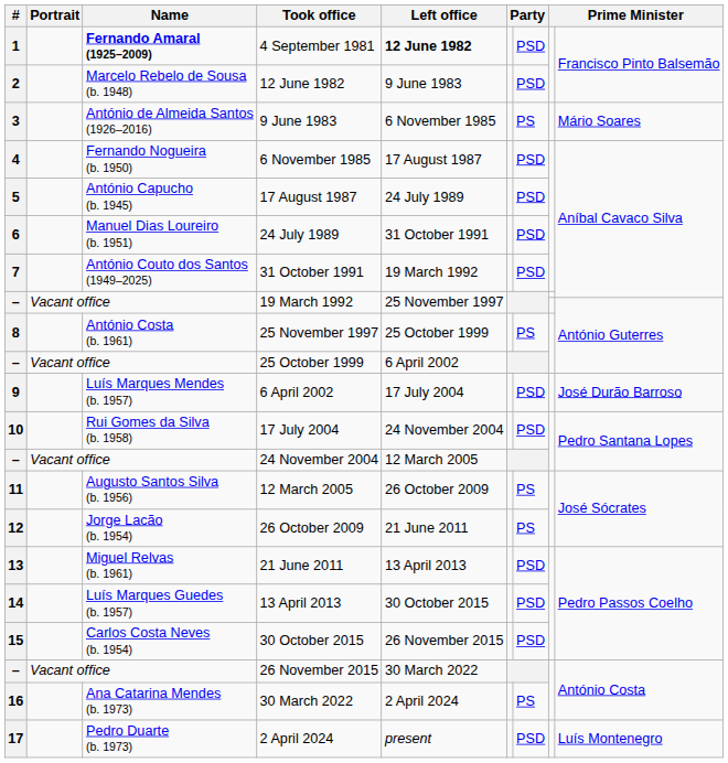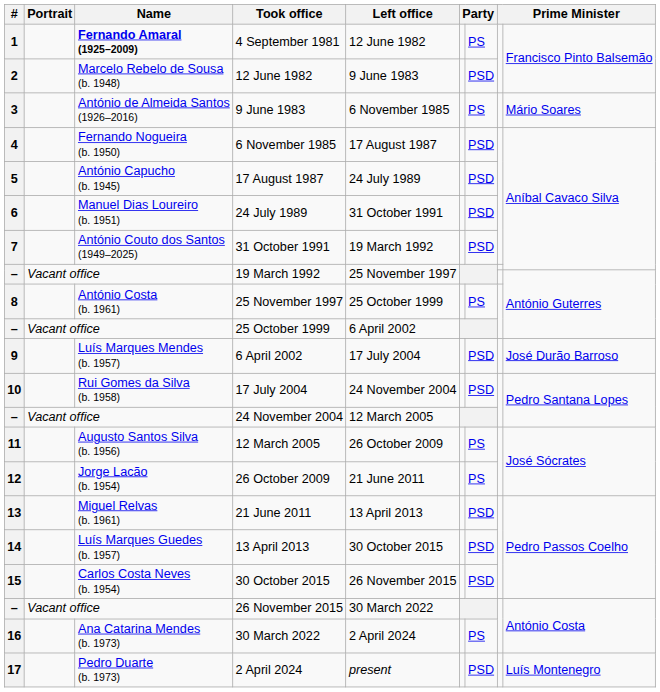 <table class="wikitable">
 <tr>
 <th>#</th>
 <th>Portrait</th>
 <th>Name</th>
 <th>Took office</th>
 <th>Left office</th>
 <th colspan="2">Party</th>
 <th colspan="2">Prime Minister</th>
 </tr>
 <tr>
 <th>1</th>
 <td></td>
 <td><strong><a href='#'>Fernando Amaral</a><br><small>(1925–2009)</small></strong></td>
 <td>4 September 1981</td>
-<td><strong>12 June 1982</strong></td>
+<td>12 June 1982</td>
 <td style="background-color: "></td>
-<td><a href='#'>PSD</a></td>
+<td><a href='#'>PS</a></td>
 <td rowspan="2" style="background-color: "></td>
 <td rowspan="2"><a href='#'>Francisco Pinto Balsemão</a></td>
 </tr>
 <tr>
 <th>2</th>
 <td></td>
 <td><a href='#'>Marcelo Rebelo de Sousa</a><br><small>(b. 1948)</small></td>
 <td>12 June 1982</td>
 <td>9 June 1983</td>
 <td style="background-color: "></td>
 <td><a href='#'>PSD</a></td>
 </tr>
 <tr>
 <th>3</th>
 <td></td>
 <td><a href='#'>António de Almeida Santos</a><br><small>(1926–2016)</small></td>
 <td>9 June 1983</td>
 <td>6 November 1985</td>
 <td style="background-color: "></td>
 <td><a href='#'>PS</a></td>
 <td style="background-color: "></td>
 <td><a href='#'>Mário Soares</a></td>
 </tr>
 <tr>
 <th>4</th>
 <td></td>
 <td><a href='#'>Fernando Nogueira</a><br><small>(b. 1950)</small></td>
 <td>6 November 1985</td>
 <td>17 August 1987</td>
 <td style="background-color: "></td>
 <td><a href='#'>PSD</a></td>
 <td rowspan="4" style="background-color: "></td>
 <td rowspan="5"><a href='#'>Aníbal Cavaco Silva</a></td>
 </tr>
 <tr>
 <th>5</th>
 <td></td>
 <td><a href='#'>António Capucho</a><br><small>(b. 1945)</small></td>
 <td>17 August 1987</td>
 <td>24 July 1989</td>
 <td style="background-color: "></td>
 <td><a href='#'>PSD</a></td>
 </tr>
 <tr>
 <th>6</th>
 <td></td>
 <td><a href='#'>Manuel Dias Loureiro</a><br><small>(b. 1951)</small></td>
 <td>24 July 1989</td>
 <td>31 October 1991</td>
 <td style="background-color: "></td>
 <td><a href='#'>PSD</a></td>
 </tr>
 <tr>
 <th>7</th>
 <td></td>
 <td><a href='#'>António Couto dos Santos</a><br><small>(1949–2025)</small></td>
 <td>31 October 1991</td>
 <td>19 March 1992</td>
 <td style="background-color: "></td>
 <td><a href='#'>PSD</a></td>
 </tr>
 <tr>
 <th rowspan="2">–</th>
 <td colspan="2" rowspan="2"><em>Vacant office</em></td>
 <td rowspan="2">19 March 1992</td>
 <td rowspan="2">25 November 1997</td>
 <th colspan="2" rowspan="2"></th>
 <td style="background-color: "></td>
 </tr>
 <tr>
 <td style="background-color: "></td>
 <td rowspan="3"><a href='#'>António Guterres</a></td>
 </tr>
 <tr>
 <th>8</th>
 <td></td>
 <td><a href='#'>António Costa</a><br><small>(b. 1961)</small></td>
 <td>25 November 1997</td>
 <td>25 October 1999</td>
 <td style="background-color: "></td>
 <td><a href='#'>PS</a></td>
 <td rowspan="2" style="background-color: "></td>
 </tr>
 <tr>
 <th>–</th>
 <td colspan="2"><em>Vacant office</em></td>
 <td>25 October 1999</td>
 <td>6 April 2002</td>
 <th colspan="2"></th>
 </tr>
 <tr>
 <th>9</th>
 <td></td>
 <td><a href='#'>Luís Marques Mendes</a><br><small>(b. 1957)</small></td>
 <td>6 April 2002</td>
 <td>17 July 2004</td>
 <td style="background-color: "></td>
 <td><a href='#'>PSD</a></td>
 <td style="background-color: "></td>
 <td><a href='#'>José Durão Barroso</a></td>
 </tr>
 <tr>
 <th>10</th>
 <td></td>
 <td><a href='#'>Rui Gomes da Silva</a><br><small>(b. 1958)</small></td>
 <td>17 July 2004</td>
 <td>24 November 2004</td>
 <td style="background-color: "></td>
 <td><a href='#'>PSD</a></td>
 <td rowspan="2" style="background-color: "></td>
 <td rowspan="2"><a href='#'>Pedro Santana Lopes</a></td>
 </tr>
 <tr>
 <th>–</th>
 <td colspan="2"><em>Vacant office</em></td>
 <td>24 November 2004</td>
 <td>12 March 2005</td>
 <th colspan="2"></th>
 </tr>
 <tr>
 <th>11</th>
 <td></td>
 <td><a href='#'>Augusto Santos Silva</a><br><small>(b. 1956)</small></td>
 <td>12 March 2005</td>
 <td>26 October 2009</td>
 <td style="background-color: "></td>
 <td><a href='#'>PS</a></td>
 <td rowspan="2" style="background-color: "></td>
 <td rowspan="2"><a href='#'>José Sócrates</a></td>
 </tr>
 <tr>
 <th>12</th>
 <td></td>
 <td><a href='#'>Jorge Lacão</a><br><small>(b. 1954)</small></td>
 <td>26 October 2009</td>
 <td>21 June 2011</td>
 <td style="background-color: "></td>
 <td><a href='#'>PS</a></td>
 </tr>
 <tr>
 <th>13</th>
 <td></td>
 <td><a href='#'>Miguel Relvas</a><br><small>(b. 1961)</small></td>
 <td>21 June 2011</td>
 <td>13 April 2013</td>
 <td style="background-color: "></td>
 <td><a href='#'>PSD</a></td>
 <td rowspan="3" style="background-color: "></td>
 <td rowspan="3"><a href='#'>Pedro Passos Coelho</a></td>
 </tr>
 <tr>
 <th>14</th>
 <td></td>
 <td><a href='#'>Luís Marques Guedes</a><br><small>(b. 1957)</small></td>
 <td>13 April 2013</td>
 <td>30 October 2015</td>
 <td style="background-color: "></td>
 <td><a href='#'>PSD</a></td>
 </tr>
 <tr>
 <th>15</th>
 <td></td>
 <td><a href='#'>Carlos Costa Neves</a><br><small>(b. 1954)</small></td>
 <td>30 October 2015</td>
 <td>26 November 2015</td>
 <td style="background-color: "></td>
 <td><a href='#'>PSD</a></td>
 </tr>
 <tr>
 <th>–</th>
 <td colspan="2"><em>Vacant office</em></td>
 <td>26 November 2015</td>
 <td>30 March 2022</td>
 <th colspan="2"></th>
 <td rowspan="2" style="background-color: "></td>
 <td rowspan="2"><a href='#'>António Costa</a></td>
 </tr>
 <tr>
 <th>16</th>
 <td></td>
 <td><a href='#'>Ana Catarina Mendes</a><br><small>(b. 1973)</small></td>
 <td>30 March 2022</td>
 <td>2 April 2024</td>
 <td style="background-color: "></td>
 <td><a href='#'>PS</a></td>
 </tr>
 <tr>
 <th>17</th>
 <td></td>
 <td><a href='#'>Pedro Duarte</a><br><small>(b. 1973)</small></td>
 <td>2 April 2024</td>
 <td><em>present</em></td>
 <td style="background-color: "></td>
 <td><a href='#'>PSD</a></td>
 <td style="background-color: "></td>
 <td><a href='#'>Luís Montenegro</a></td>
 </tr>
 </table>
